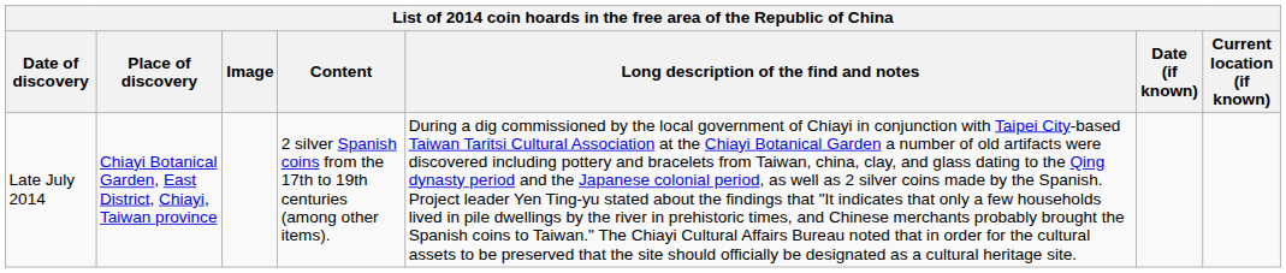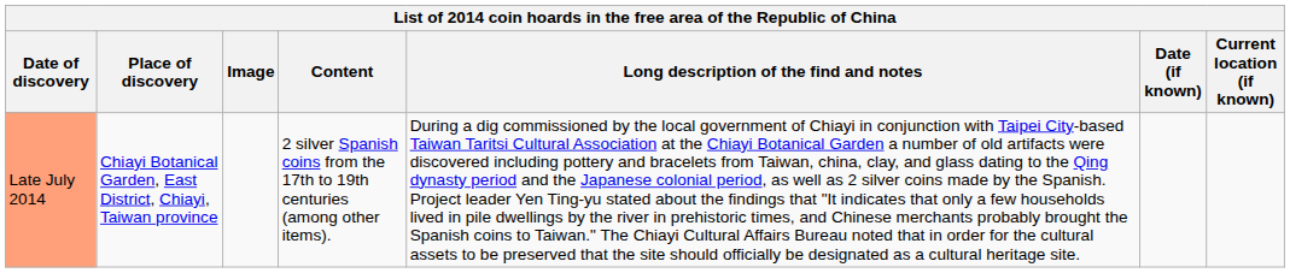 <table class="wikitable" style="font-size: 100%">
 <tr>
 <th colspan=7>List of 2014 coin hoards in the free area of the Republic of China</th>
 </tr>
 <tr>
 <th>Date of discovery</th>
 <th>Place of discovery</th>
 <th>Image</th>
 <th>Content</th>
 <th>Long description of the find and notes</th>
 <th>Date<br>(if known)</th>
 <th>Current location<br>(if known)</th>
 </tr>
 <tr>
-<td>Late July 2014</td>
+<td style="background: lightsalmon;">Late July 2014</td>
 <td><a href='#'>Chiayi Botanical Garden</a>, <a href='#'>East District</a>, <a href='#'>Chiayi</a>, <a href='#'>Taiwan province</a></td>
 <td></td>
 <td>2 silver <a href='#'>Spanish coins</a> from the 17th to 19th centuries (among other items).</td>
 <td>During a dig commissioned by the local government of Chiayi in conjunction with <a href='#'>Taipei City</a>-based <a href='#'>Taiwan Taritsi Cultural Association</a> at the <a href='#'>Chiayi Botanical Garden</a> a number of old artifacts were discovered including pottery and bracelets from Taiwan, china, clay, and glass dating to the <a href='#'>Qing dynasty period</a> and the <a href='#'>Japanese colonial period</a>, as well as 2 silver coins made by the Spanish. Project leader Yen Ting-yu stated about the findings that "It indicates that only a few households lived in pile dwellings by the river in prehistoric times, and Chinese merchants probably brought the Spanish coins to Taiwan." The Chiayi Cultural Affairs Bureau noted that in order for the cultural assets to be preserved that the site should officially be designated as a cultural heritage site.</td>
 <td></td>
 <td></td>
 </tr>
 </table>
